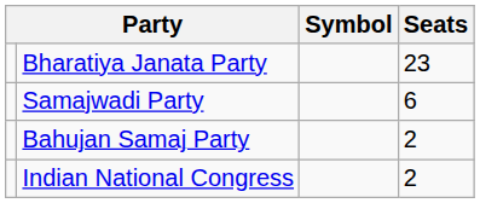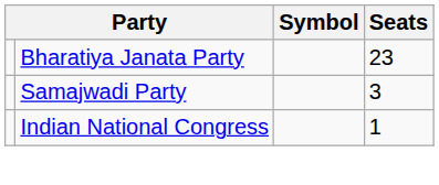 <table class="wikitable">
 <tr>
 <th colspan="2">Party</th>
 <th>Symbol</th>
 <th>Seats</th>
 </tr>
 <tr>
 <td style="background-color: "></td>
 <td><a href='#'>Bharatiya Janata Party</a></td>
 <td></td>
 <td>23</td>
 </tr>
 <tr>
 <td style="background-color: "></td>
 <td><a href='#'>Samajwadi Party</a></td>
 <td></td>
-<td>6</td>
-</tr>
-<tr>
-<td style="background-color: "></td>
-<td><a href='#'>Bahujan Samaj Party</a></td>
-<td></td>
-<td>2</td>
+<td>3</td>
 </tr>
 <tr>
 <td style="background-color: "></td>
 <td><a href='#'>Indian National Congress</a></td>
 <td></td>
-<td>2</td>
+<td>1</td>
 </tr>
 </table>
